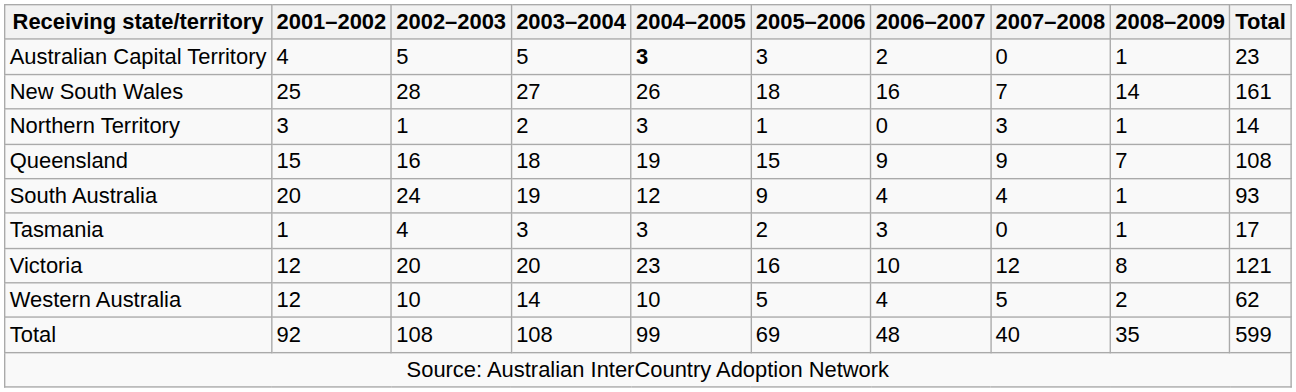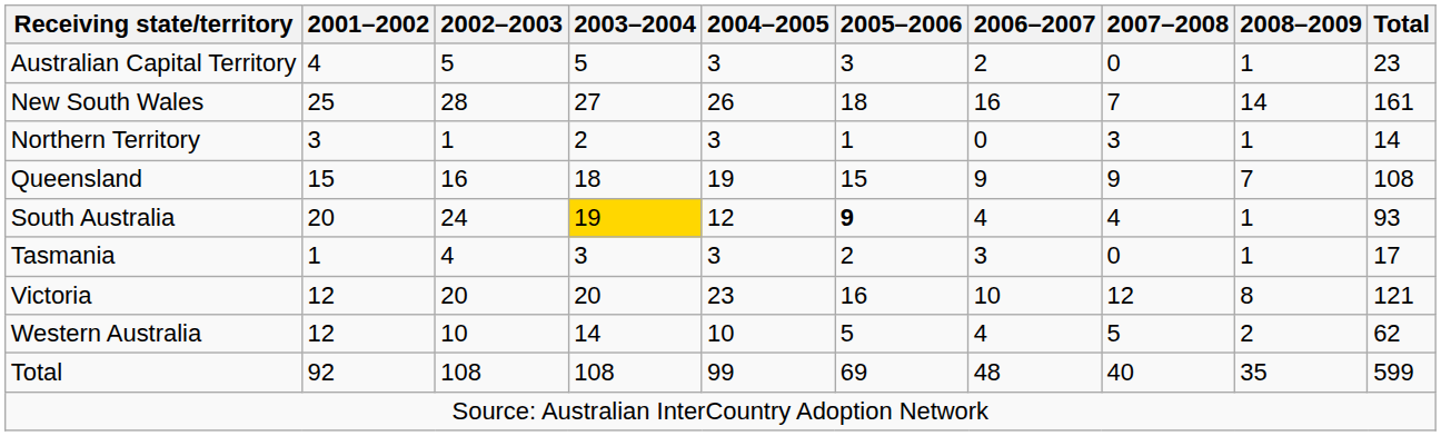 <table class="wikitable">
 <tr>
 <th>Receiving state/territory</th>
 <th>2001–2002</th>
 <th>2002–2003</th>
 <th>2003–2004</th>
 <th>2004–2005</th>
 <th>2005–2006</th>
 <th>2006–2007</th>
 <th>2007–2008</th>
 <th>2008–2009</th>
 <th>Total</th>
 </tr>
 <tr>
 <td>Australian Capital Territory</td>
 <td>4</td>
 <td>5</td>
 <td>5</td>
-<td><strong>3</strong></td>
+<td>3</td>
 <td>3</td>
 <td>2</td>
 <td>0</td>
 <td>1</td>
 <td>23</td>
 </tr>
 <tr>
 <td>New South Wales</td>
 <td>25</td>
 <td>28</td>
 <td>27</td>
 <td>26</td>
 <td>18</td>
 <td>16</td>
 <td>7</td>
 <td>14</td>
 <td>161</td>
 </tr>
 <tr>
 <td>Northern Territory</td>
 <td>3</td>
 <td>1</td>
 <td>2</td>
 <td>3</td>
 <td>1</td>
 <td>0</td>
 <td>3</td>
 <td>1</td>
 <td>14</td>
 </tr>
 <tr>
 <td>Queensland</td>
 <td>15</td>
 <td>16</td>
 <td>18</td>
 <td>19</td>
 <td>15</td>
 <td>9</td>
 <td>9</td>
 <td>7</td>
 <td>108</td>
 </tr>
 <tr>
 <td>South Australia</td>
 <td>20</td>
 <td>24</td>
-<td>19</td>
+<td style="background: gold;">19</td>
 <td>12</td>
-<td>9</td>
+<td><strong>9</strong></td>
 <td>4</td>
 <td>4</td>
 <td>1</td>
 <td>93</td>
 </tr>
 <tr>
 <td>Tasmania</td>
 <td>1</td>
 <td>4</td>
 <td>3</td>
 <td>3</td>
 <td>2</td>
 <td>3</td>
 <td>0</td>
 <td>1</td>
 <td>17</td>
 </tr>
 <tr>
 <td>Victoria</td>
 <td>12</td>
 <td>20</td>
 <td>20</td>
 <td>23</td>
 <td>16</td>
 <td>10</td>
 <td>12</td>
 <td>8</td>
 <td>121</td>
 </tr>
 <tr>
 <td>Western Australia</td>
 <td>12</td>
 <td>10</td>
 <td>14</td>
 <td>10</td>
 <td>5</td>
 <td>4</td>
 <td>5</td>
 <td>2</td>
 <td>62</td>
 </tr>
 <tr>
 <td>Total</td>
 <td>92</td>
 <td>108</td>
 <td>108</td>
 <td>99</td>
 <td>69</td>
 <td>48</td>
 <td>40</td>
 <td>35</td>
 <td>599</td>
 </tr>
 <tr>
 <td colspan="10" style="text-align:center;">Source: Australian InterCountry Adoption Network</td>
 </tr>
 </table>
